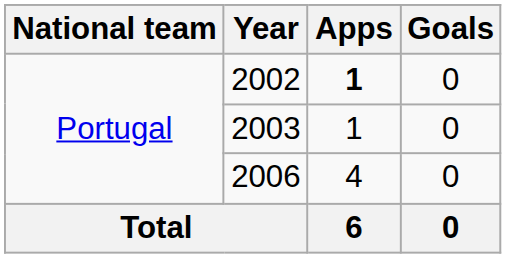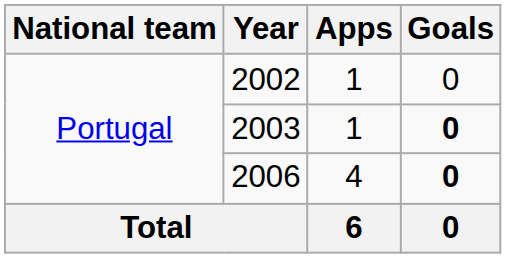 <table class="wikitable" style="text-align:center">
 <tr>
 <th>National team</th>
 <th>Year</th>
 <th>Apps</th>
 <th>Goals</th>
 </tr>
 <tr>
 <td rowspan="3"><a href='#'>Portugal</a></td>
 <td>2002</td>
-<td><strong>1</strong></td>
+<td>1</td>
 <td>0</td>
 </tr>
 <tr>
 <td>2003</td>
 <td>1</td>
-<td>0</td>
+<td><strong>0</strong></td>
 </tr>
 <tr>
 <td>2006</td>
 <td>4</td>
-<td>0</td>
+<td><strong>0</strong></td>
 </tr>
 <tr>
 <th colspan="2">Total</th>
 <th>6</th>
 <th>0</th>
 </tr>
 </table>
